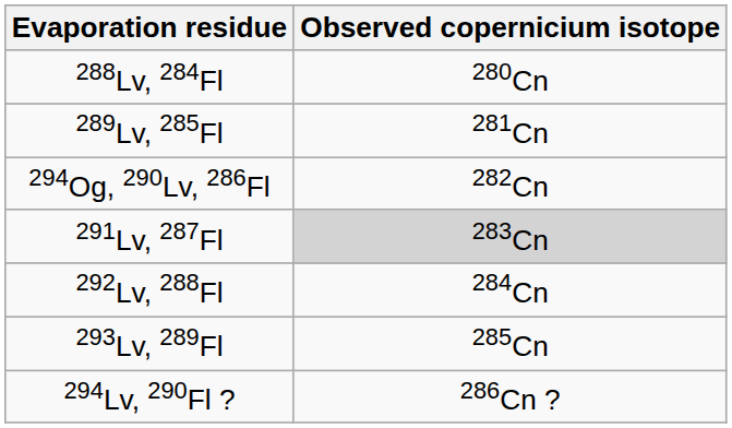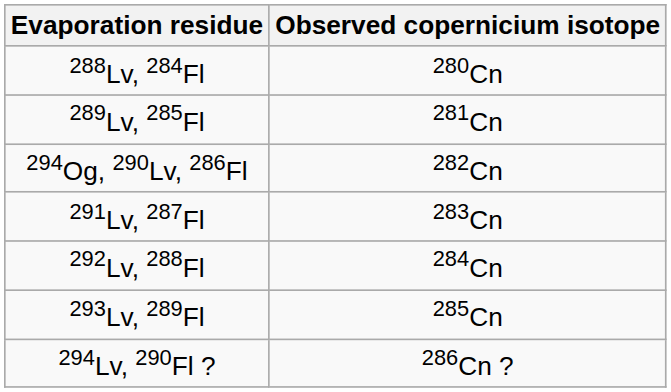 <table class="wikitable" style="text-align:center">
 <tr>
 <th>Evaporation residue</th>
 <th>Observed copernicium isotope</th>
 </tr>
 <tr>
 <td><sup>288</sup>Lv, <sup>284</sup>Fl</td>
 <td><sup>280</sup>Cn</td>
 </tr>
 <tr>
 <td><sup>289</sup>Lv, <sup>285</sup>Fl</td>
 <td><sup>281</sup>Cn</td>
 </tr>
 <tr>
 <td><sup>294</sup>Og, <sup>290</sup>Lv, <sup>286</sup>Fl</td>
 <td><sup>282</sup>Cn</td>
 </tr>
 <tr>
 <td><sup>291</sup>Lv, <sup>287</sup>Fl</td>
-<td style="background: lightgrey;"><sup>283</sup>Cn</td>
+<td><sup>283</sup>Cn</td>
 </tr>
 <tr>
 <td><sup>292</sup>Lv, <sup>288</sup>Fl</td>
 <td><sup>284</sup>Cn</td>
 </tr>
 <tr>
 <td><sup>293</sup>Lv, <sup>289</sup>Fl</td>
 <td><sup>285</sup>Cn</td>
 </tr>
 <tr>
 <td><sup>294</sup>Lv, <sup>290</sup>Fl ?</td>
 <td><sup>286</sup>Cn ?</td>
 </tr>
 </table>
